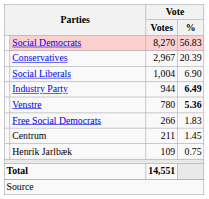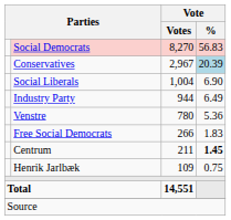 <table class="wikitable" style="text-align:right;">
 <tr>
 <th style="text-align:centre;" rowspan="2" colspan="2" width="225">Parties</th>
 <th colspan="3">Vote</th>
 </tr>
 <tr>
 <th width="15">Votes</th>
 <th width="15">%</th>
 </tr>
 <tr>
 <td width="2" style="color:inherit;background:"></td>
 <td bgcolor=#fbd0ce  align="left"><a href='#'>Social Democrats</a></td>
 <td bgcolor=#fbd0ce>8,270</td>
 <td bgcolor=#fbd0ce>56.83</td>
 </tr>
 <tr>
 <td width="2" style="color:inherit;background:"></td>
 <td align="left"><a href='#'>Conservatives</a></td>
 <td>2,967</td>
-<td>20.39</td>
+<td style="background: lightblue;">20.39</td>
 </tr>
 <tr>
 <td width="2" style="color:inherit;background:"></td>
 <td align="left"><a href='#'>Social Liberals</a></td>
 <td>1,004</td>
 <td>6.90</td>
 </tr>
 <tr>
 <td width="2" style="color:inherit;background:"></td>
 <td align="left"><a href='#'>Industry Party</a></td>
 <td>944</td>
-<td><strong>6.49</strong></td>
+<td>6.49</td>
 </tr>
 <tr>
 <td width="2" style="color:inherit;background:"></td>
 <td align="left"><a href='#'>Venstre</a></td>
 <td>780</td>
-<td><strong>5.36</strong></td>
+<td>5.36</td>
 </tr>
 <tr>
 <td width="2" style="color:inherit;background:"></td>
 <td align="left"><a href='#'>Free Social Democrats</a></td>
 <td>266</td>
 <td>1.83</td>
 </tr>
 <tr>
 <td width="2" style="color:inherit;background:"></td>
 <td align="left">Centrum</td>
 <td>211</td>
-<td>1.45</td>
+<td><strong>1.45</strong></td>
 </tr>
 <tr>
 <td width="2" style="color:inherit;background:"></td>
 <td align="left">Henrik Jarlbæk</td>
 <td>109</td>
 <td>0.75</td>
 </tr>
 <tr>
 <td colspan="7" bgcolor="#E9E9E9"></td>
 </tr>
 <tr>
 <td align="left" colspan="2"><strong>Total</strong></td>
 <td><strong>14,551</strong></td>
 <td bgcolor="#E9E9E9" colspan="2"></td>
 </tr>
 <tr>
 </tr>
 <tr>
 <td align="left" colspan="6">Source</td>
 </tr>
 </table>
